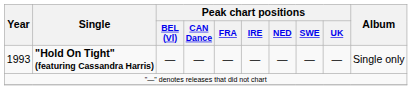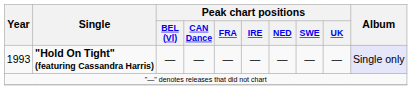 <table class="wikitable" style="text-align:center;">
 <tr>
 <th rowspan="2">Year</th>
 <th rowspan="2">Single</th>
 <th colspan="7">Peak chart positions</th>
 <th rowspan="2">Album</th>
 </tr>
 <tr style="font-size:smaller;">
 <th width="35"><a href='#'>BEL<br>(Vl)</a></th>
 <th width="35"><a href='#'>CAN<br>Dance</a></th>
 <th width="35"><a href='#'>FRA</a></th>
 <th width="35"><a href='#'>IRE</a></th>
 <th width="35"><a href='#'>NED</a></th>
 <th width="35"><a href='#'>SWE</a></th>
 <th width="35"><a href='#'>UK</a></th>
 </tr>
 <tr>
 <td>1993</td>
 <td align="left"><strong>"Hold On Tight"<br><small>(featuring Cassandra Harris)</small></strong></td>
 <td>—</td>
 <td>—</td>
 <td>—</td>
 <td>—</td>
 <td>—</td>
 <td>—</td>
 <td>—</td>
-<td align="left">Single only</td>
+<td align="left" style="background: lavender;">Single only</td>
 </tr>
 <tr>
 <td colspan="15" style="font-size:8pt">"—" denotes releases that did not chart</td>
 </tr>
 <tr>
 </tr>
 </table>
